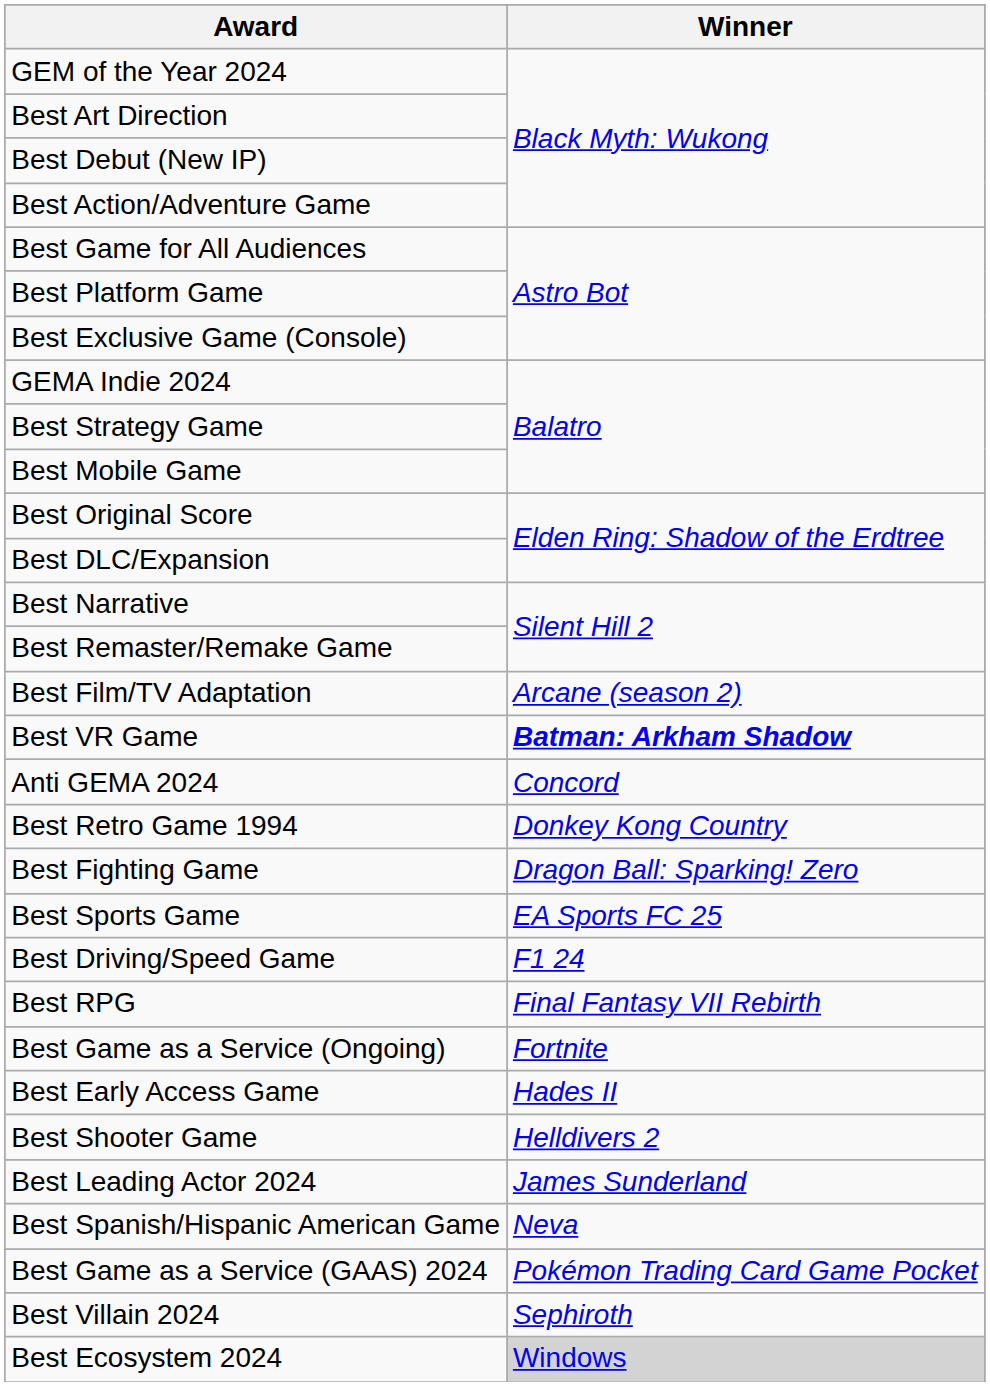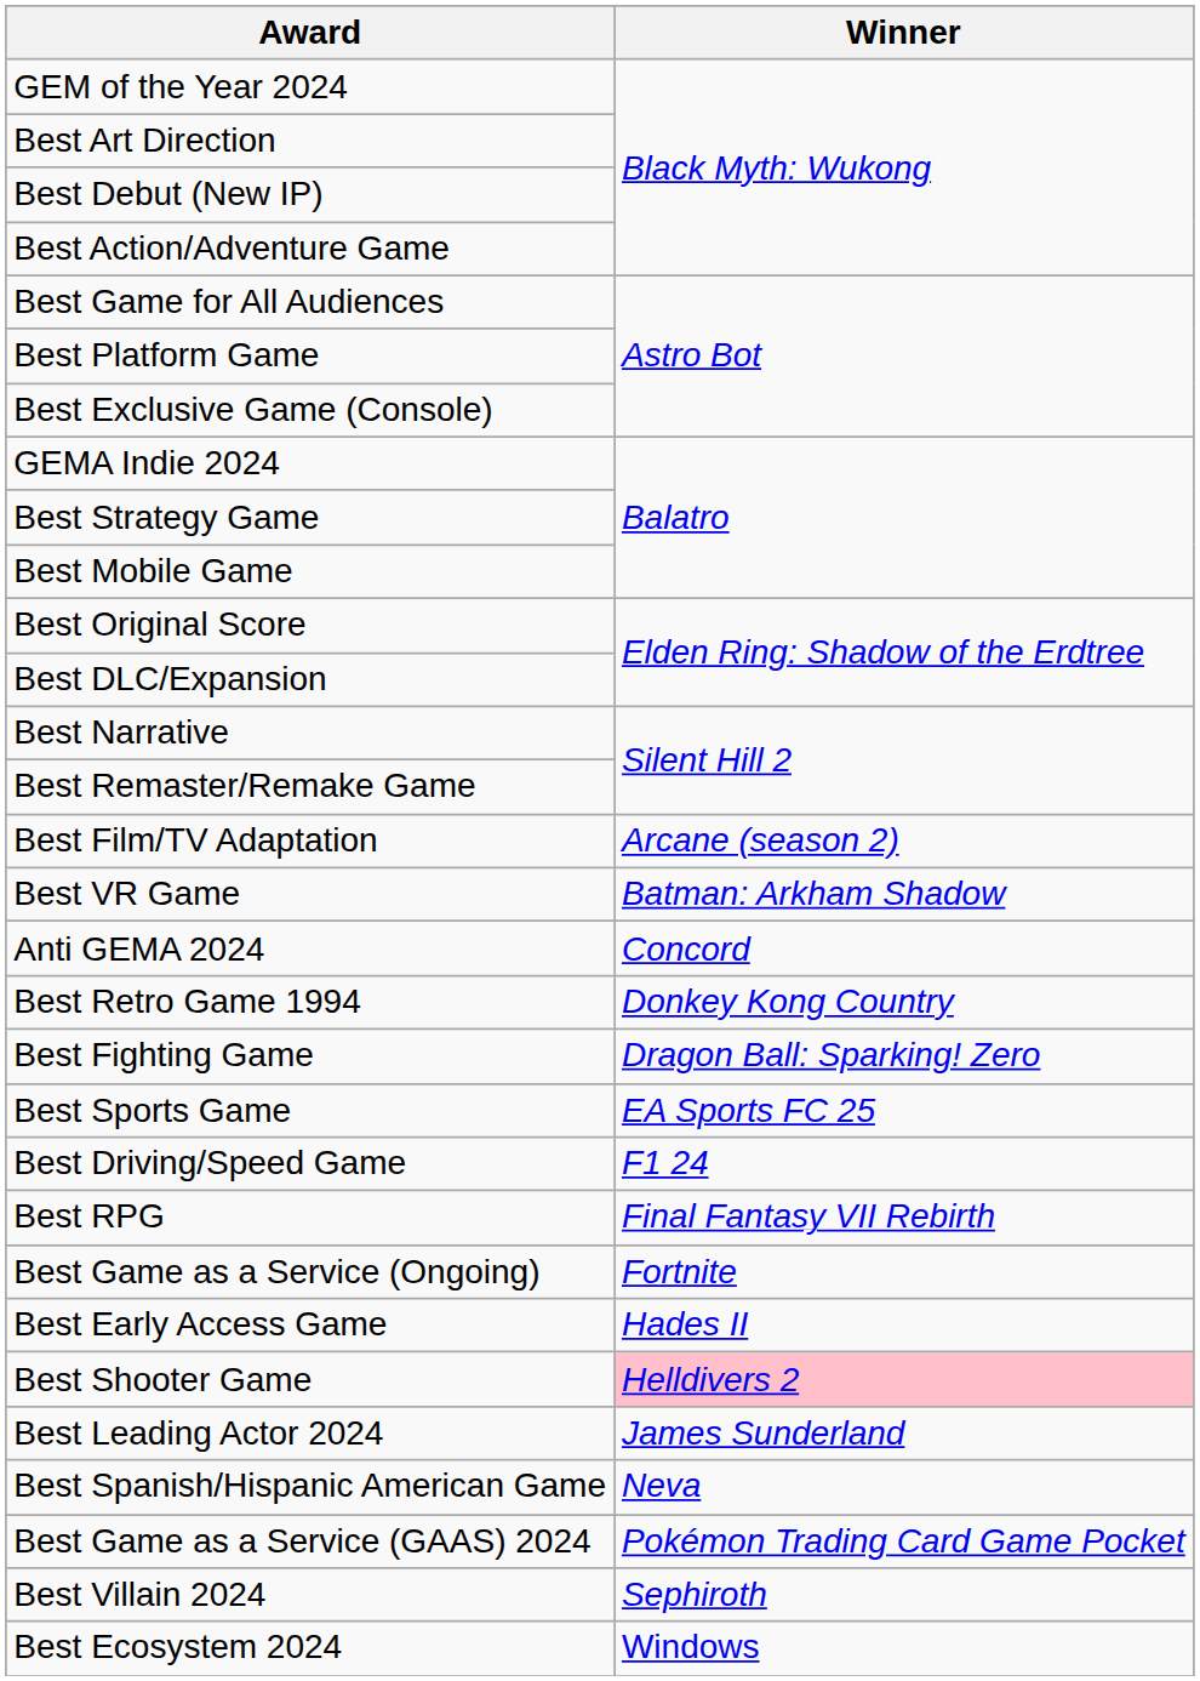 <table class="wikitable">
 <tr>
 <th>Award</th>
 <th>Winner</th>
 </tr>
 <tr>
 <td>GEM of the Year 2024</td>
 <td rowspan=4><em><a href='#'>Black Myth: Wukong</a></em></td>
 </tr>
 <tr>
 <td>Best Art Direction</td>
 </tr>
 <tr>
 <td>Best Debut (New IP)</td>
 </tr>
 <tr>
 <td>Best Action/Adventure Game</td>
 </tr>
 <tr>
 <td>Best Game for All Audiences</td>
 <td rowspan=3><em><a href='#'>Astro Bot</a></em></td>
 </tr>
 <tr>
 <td>Best Platform Game</td>
 </tr>
 <tr>
 <td>Best Exclusive Game (Console)</td>
 </tr>
 <tr>
 <td>GEMA Indie 2024</td>
 <td rowspan=3><em><a href='#'>Balatro</a></em></td>
 </tr>
 <tr>
 <td>Best Strategy Game</td>
 </tr>
 <tr>
 <td>Best Mobile Game</td>
 </tr>
 <tr>
 <td>Best Original Score</td>
 <td rowspan=2><em><a href='#'>Elden Ring: Shadow of the Erdtree</a></em></td>
 </tr>
 <tr>
 <td>Best DLC/Expansion</td>
 </tr>
 <tr>
 <td>Best Narrative</td>
 <td rowspan=2><em><a href='#'>Silent Hill 2</a></em></td>
 </tr>
 <tr>
 <td>Best Remaster/Remake Game</td>
 </tr>
 <tr>
 <td>Best Film/TV Adaptation</td>
 <td><em><a href='#'>Arcane (season 2)</a></em></td>
 </tr>
 <tr>
 <td>Best VR Game</td>
-<td><strong><em><a href='#'>Batman: Arkham Shadow</a></em></strong></td>
+<td><em><a href='#'>Batman: Arkham Shadow</a></em></td>
 </tr>
 <tr>
 <td>Anti GEMA 2024</td>
 <td><em><a href='#'>Concord</a></em></td>
 </tr>
 <tr>
 <td>Best Retro Game 1994</td>
 <td><em><a href='#'>Donkey Kong Country</a></em></td>
 </tr>
 <tr>
 <td>Best Fighting Game</td>
 <td><em><a href='#'>Dragon Ball: Sparking! Zero</a></em></td>
 </tr>
 <tr>
 <td>Best Sports Game</td>
 <td><em><a href='#'>EA Sports FC 25</a></em></td>
 </tr>
 <tr>
 <td>Best Driving/Speed Game</td>
 <td><em><a href='#'>F1 24</a></em></td>
 </tr>
 <tr>
 <td>Best RPG</td>
 <td><em><a href='#'>Final Fantasy VII Rebirth</a></em></td>
 </tr>
 <tr>
 <td>Best Game as a Service (Ongoing)</td>
 <td><em><a href='#'>Fortnite</a></em></td>
 </tr>
 <tr>
 <td>Best Early Access Game</td>
 <td><em><a href='#'>Hades II</a></em></td>
 </tr>
 <tr>
 <td>Best Shooter Game</td>
-<td><em><a href='#'>Helldivers 2</a></em></td>
+<td style="background: pink;"><em><a href='#'>Helldivers 2</a></em></td>
 </tr>
 <tr>
 <td>Best Leading Actor 2024</td>
 <td><em><a href='#'>James Sunderland</a></em></td>
 </tr>
 <tr>
 <td>Best Spanish/Hispanic American Game</td>
 <td><em><a href='#'>Neva</a></em></td>
 </tr>
 <tr>
 <td>Best Game as a Service (GAAS) 2024</td>
 <td><em><a href='#'>Pokémon Trading Card Game Pocket</a></em></td>
 </tr>
 <tr>
 <td>Best Villain 2024</td>
 <td><em><a href='#'>Sephiroth</a></em></td>
 </tr>
 <tr>
 <td>Best Ecosystem 2024</td>
-<td style="background: lightgrey;"><a href='#'>Windows</a></td>
+<td><a href='#'>Windows</a></td>
 </tr>
 </table>
